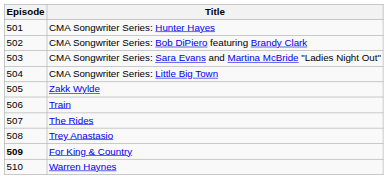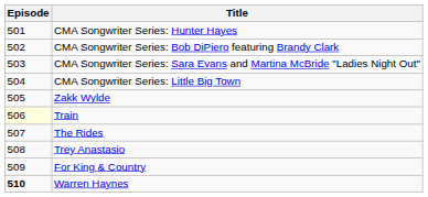 <table class = "wikitable">
 <tr>
 <th>Episode</th>
 <th>Title</th>
 </tr>
 <tr>
 <td>501</td>
 <td>CMA Songwriter Series: <a href='#'>Hunter Hayes</a></td>
 </tr>
 <tr>
 <td>502</td>
 <td>CMA Songwriter Series: <a href='#'>Bob DiPiero</a> featuring <a href='#'>Brandy Clark</a></td>
 </tr>
 <tr>
 <td>503</td>
 <td>CMA Songwriter Series: <a href='#'>Sara Evans</a> and <a href='#'>Martina McBride</a> "Ladies Night Out"</td>
 </tr>
 <tr>
 <td>504</td>
 <td>CMA Songwriter Series: <a href='#'>Little Big Town</a></td>
 </tr>
 <tr>
 <td>505</td>
 <td><a href='#'>Zakk Wylde</a></td>
 </tr>
 <tr>
-<td>506</td>
+<td style="background: lightyellow;">506</td>
 <td><a href='#'>Train</a></td>
 </tr>
 <tr>
 <td>507</td>
 <td><a href='#'>The Rides</a></td>
 </tr>
 <tr>
 <td>508</td>
 <td><a href='#'>Trey Anastasio</a></td>
 </tr>
 <tr>
-<td><strong>509</strong></td>
+<td>509</td>
 <td><a href='#'>For King & Country</a></td>
 </tr>
 <tr>
-<td>510</td>
+<td><strong>510</strong></td>
 <td><a href='#'>Warren Haynes</a></td>
 </tr>
 </table>
